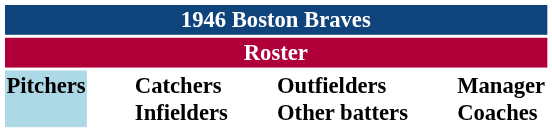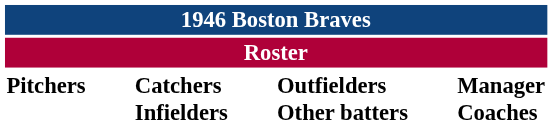 <table class="toccolours" style="font-size: 95%;">
 <tr>
 <th colspan="10" style="background-color: #0f437c; color: white; text-align: center;">1946 Boston Braves</th>
 </tr>
 <tr>
 <td colspan="10" style="background-color: #af0039; color: white; text-align: center;"><strong>Roster</strong></td>
 </tr>
 <tr>
-<td valign="top" style="background: lightblue;"><strong>Pitchers</strong><br>                   </td>
+<td valign="top"><strong>Pitchers</strong><br>                   </td>
 <td width="25px"></td>
 <td valign="top"><strong>Catchers</strong><br>      <strong>Infielders</strong>            </td>
 <td width="25px"></td>
 <td valign="top"><strong>Outfielders</strong><br>        <strong>Other batters</strong>  </td>
 <td width="25px"></td>
 <td valign="top"><strong>Manager</strong><br> <strong>Coaches</strong>   </td>
 </tr>
 </table>
